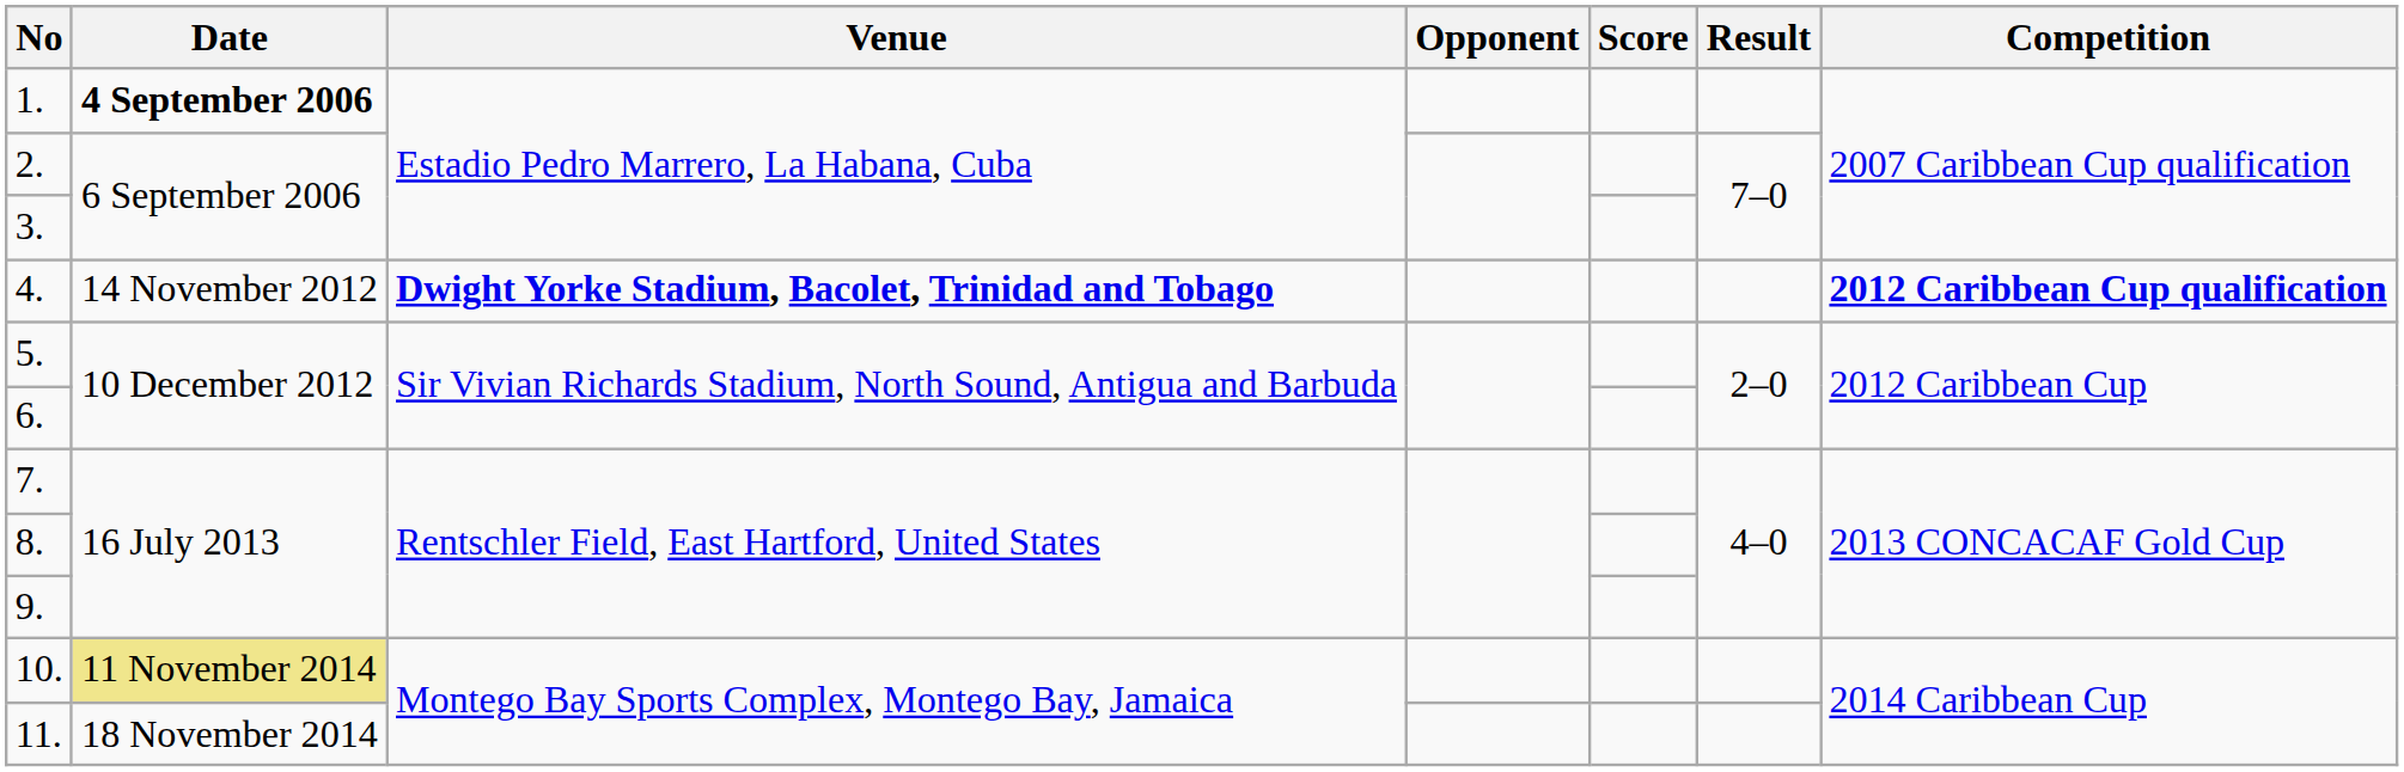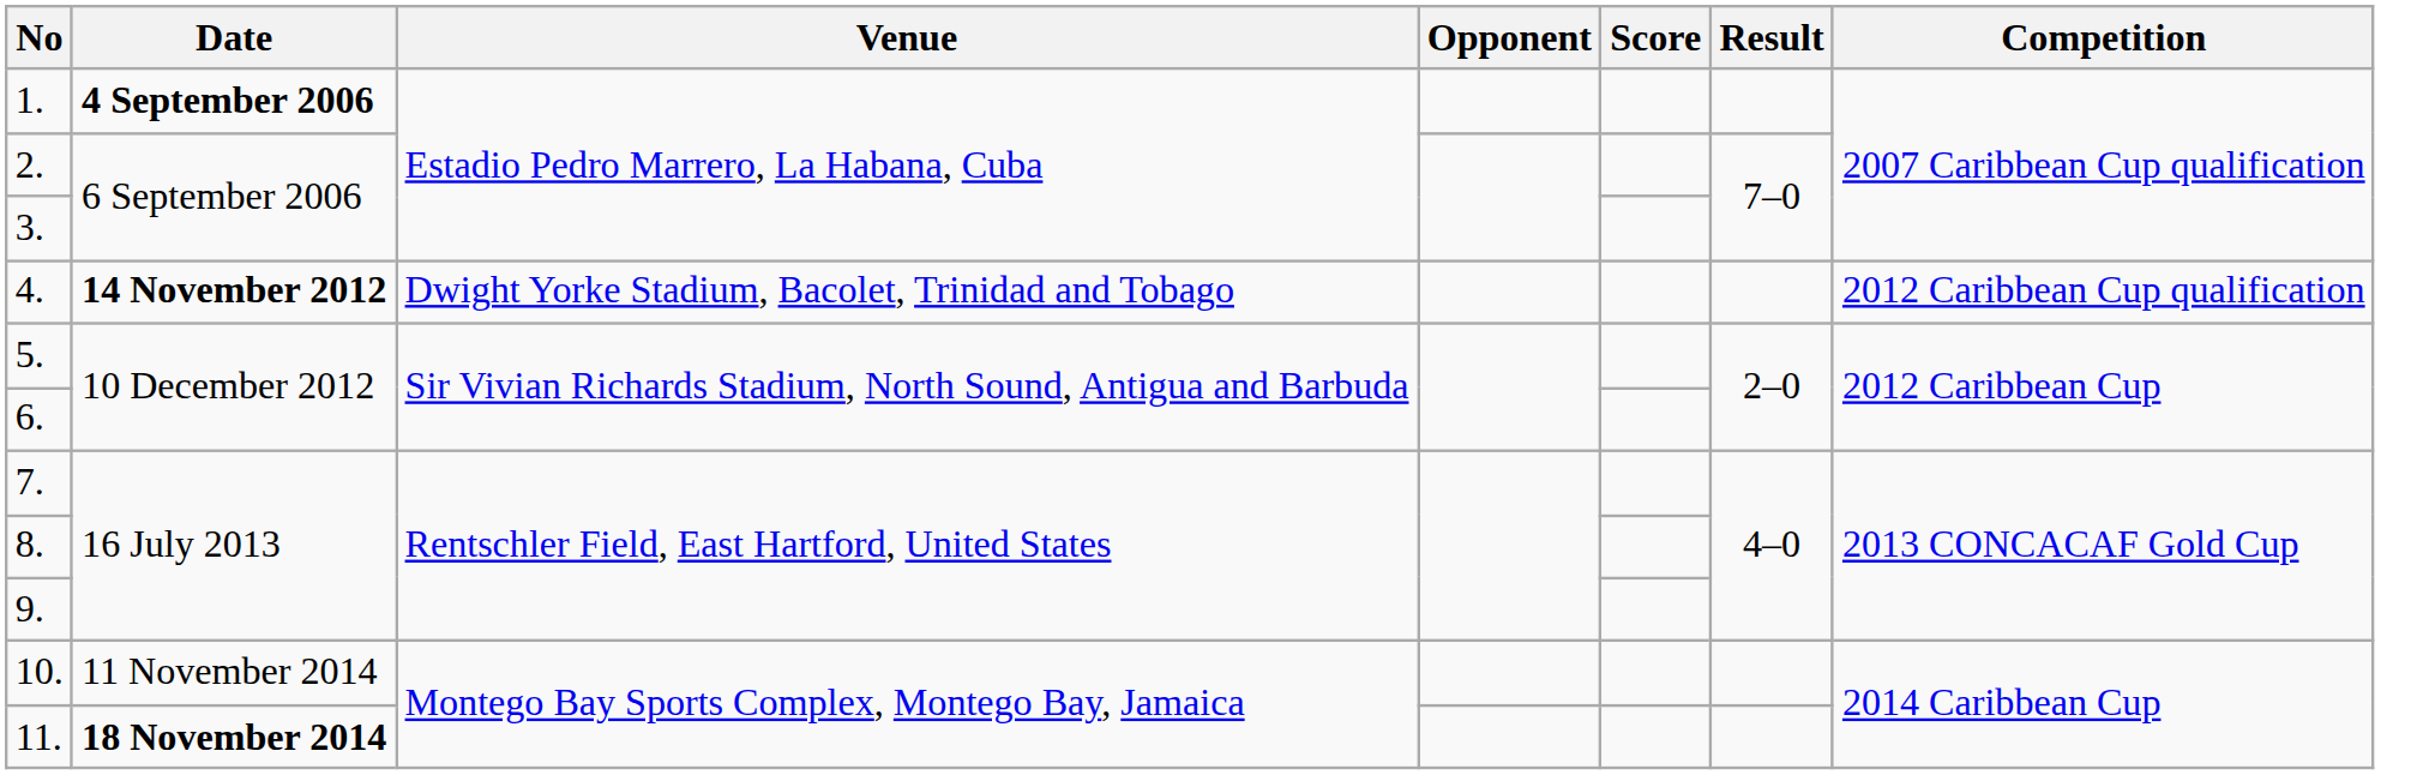 <table class="wikitable" style="font-size:85%;">
 <tr>
 <th>No</th>
 <th>Date</th>
 <th>Venue</th>
 <th>Opponent</th>
 <th>Score</th>
 <th>Result</th>
 <th>Competition</th>
 </tr>
 <tr>
 <td>1.</td>
 <td><strong>4 September 2006</strong></td>
 <td rowspan=3><a href='#'>Estadio Pedro Marrero</a>, <a href='#'>La Habana</a>, <a href='#'>Cuba</a></td>
 <td></td>
 <td></td>
 <td></td>
 <td rowspan=3><a href='#'>2007 Caribbean Cup qualification</a></td>
 </tr>
 <tr>
 <td>2.</td>
 <td rowspan=2>6 September 2006</td>
 <td rowspan=2></td>
 <td></td>
 <td rowspan=2 style="text-align:center;">7–0</td>
 </tr>
 <tr>
 <td>3.</td>
 <td></td>
 </tr>
 <tr>
 <td>4.</td>
-<td>14 November 2012</td>
-<td><strong><a href='#'>Dwight Yorke Stadium</a>, <a href='#'>Bacolet</a>, <a href='#'>Trinidad and Tobago</a></strong></td>
+<td><strong>14 November 2012</strong></td>
+<td><a href='#'>Dwight Yorke Stadium</a>, <a href='#'>Bacolet</a>, <a href='#'>Trinidad and Tobago</a></td>
 <td></td>
 <td></td>
 <td></td>
-<td><strong><a href='#'>2012 Caribbean Cup qualification</a></strong></td>
+<td><a href='#'>2012 Caribbean Cup qualification</a></td>
 </tr>
 <tr>
 <td>5.</td>
 <td rowspan=2>10 December 2012</td>
 <td rowspan=2><a href='#'>Sir Vivian Richards Stadium</a>, <a href='#'>North Sound</a>, <a href='#'>Antigua and Barbuda</a></td>
 <td rowspan="2"></td>
 <td></td>
 <td rowspan=2 style="text-align:center;">2–0</td>
 <td rowspan=2><a href='#'>2012 Caribbean Cup</a></td>
 </tr>
 <tr>
 <td>6.</td>
 <td></td>
 </tr>
 <tr>
 <td>7.</td>
 <td rowspan=3>16 July 2013</td>
 <td rowspan=3><a href='#'>Rentschler Field</a>, <a href='#'>East Hartford</a>, <a href='#'>United States</a></td>
 <td rowspan=3></td>
 <td></td>
 <td rowspan=3 style="text-align:center;">4–0</td>
 <td rowspan=3><a href='#'>2013 CONCACAF Gold Cup</a></td>
 </tr>
 <tr>
 <td>8.</td>
 <td></td>
 </tr>
 <tr>
 <td>9.</td>
 <td></td>
 </tr>
 <tr>
 <td>10.</td>
-<td style="background: khaki;">11 November 2014</td>
+<td>11 November 2014</td>
 <td rowspan=2><a href='#'>Montego Bay Sports Complex</a>, <a href='#'>Montego Bay</a>, <a href='#'>Jamaica</a></td>
 <td></td>
 <td></td>
 <td></td>
 <td rowspan=2><a href='#'>2014 Caribbean Cup</a></td>
 </tr>
 <tr>
 <td>11.</td>
-<td>18 November 2014</td>
+<td><strong>18 November 2014</strong></td>
 <td></td>
 <td></td>
 <td></td>
 </tr>
 </table>
